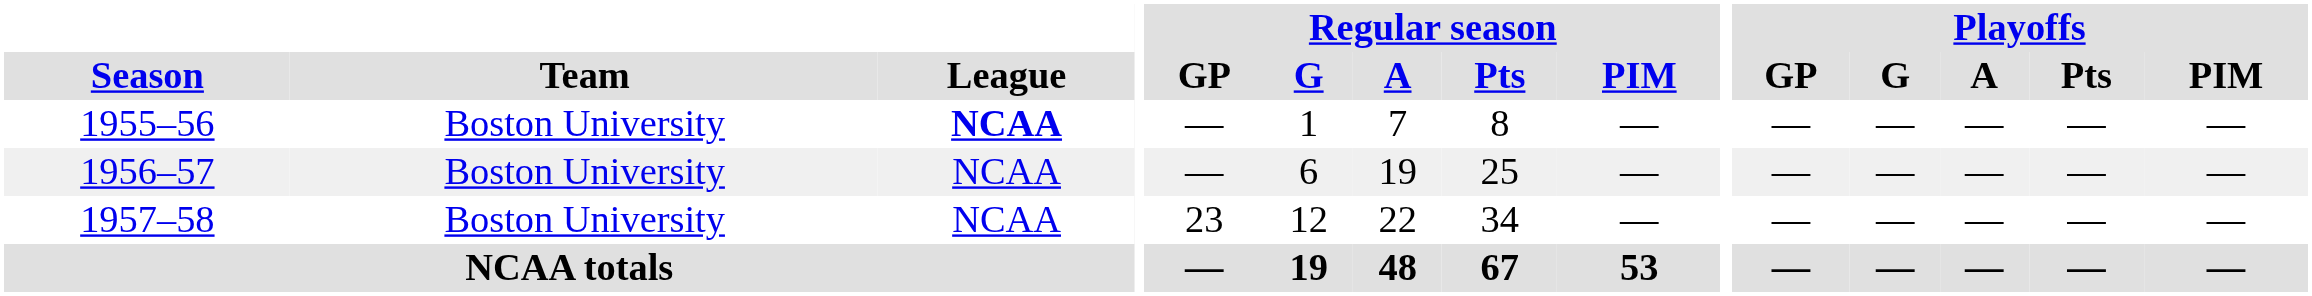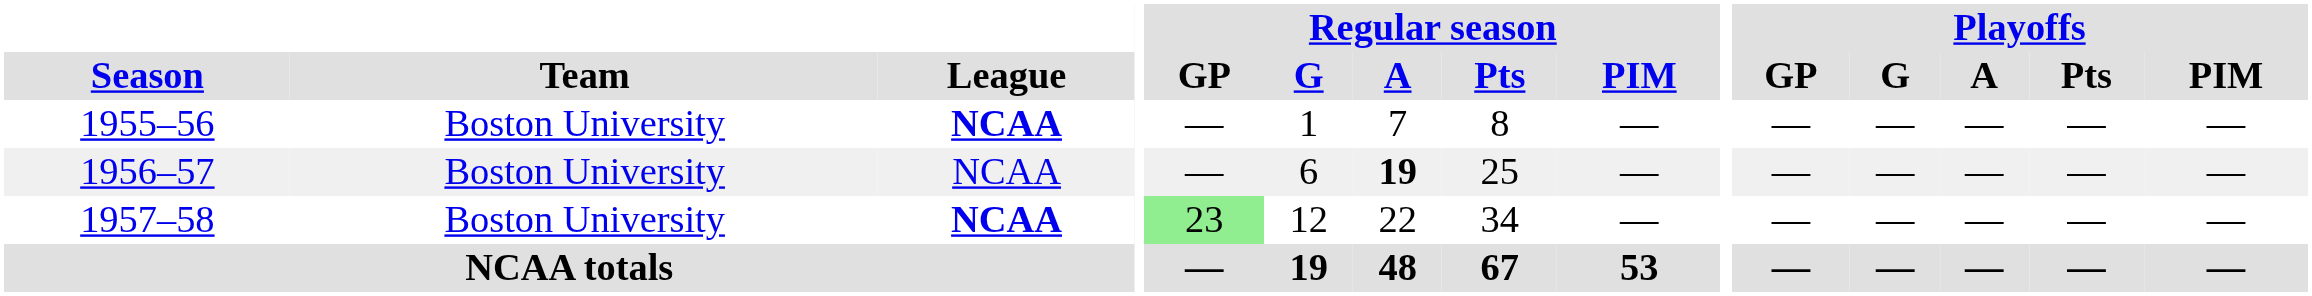 <table border="0" cellpadding="1" cellspacing="0" style="text-align:center; width:60em">
 <tr bgcolor="#e0e0e0">
 <th colspan="3" bgcolor="#ffffff"></th>
 <th rowspan="99" bgcolor="#ffffff"></th>
 <th colspan="5"><a href='#'>Regular season</a></th>
 <th rowspan="99" bgcolor="#ffffff"></th>
 <th colspan="5"><a href='#'>Playoffs</a></th>
 </tr>
 <tr bgcolor="#e0e0e0">
 <th><a href='#'>Season</a></th>
 <th>Team</th>
 <th>League</th>
 <th>GP</th>
 <th><a href='#'>G</a></th>
 <th><a href='#'>A</a></th>
 <th><a href='#'>Pts</a></th>
 <th><a href='#'>PIM</a></th>
 <th>GP</th>
 <th>G</th>
 <th>A</th>
 <th>Pts</th>
 <th>PIM</th>
 </tr>
 <tr>
 <td><a href='#'>1955–56</a></td>
 <td><a href='#'>Boston University</a></td>
 <td><strong><a href='#'>NCAA</a></strong></td>
 <td>—</td>
 <td>1</td>
 <td>7</td>
 <td>8</td>
 <td>—</td>
 <td>—</td>
 <td>—</td>
 <td>—</td>
 <td>—</td>
 <td>—</td>
 </tr>
 <tr bgcolor="f0f0f0">
 <td><a href='#'>1956–57</a></td>
 <td><a href='#'>Boston University</a></td>
 <td><a href='#'>NCAA</a></td>
 <td>—</td>
 <td>6</td>
-<td>19</td>
+<td><strong>19</strong></td>
 <td>25</td>
 <td>—</td>
 <td>—</td>
 <td>—</td>
 <td>—</td>
 <td>—</td>
 <td>—</td>
 </tr>
 <tr>
 <td><a href='#'>1957–58</a></td>
 <td><a href='#'>Boston University</a></td>
-<td><a href='#'>NCAA</a></td>
-<td>23</td>
+<td><strong><a href='#'>NCAA</a></strong></td>
+<td style="background: lightgreen;">23</td>
 <td>12</td>
 <td>22</td>
 <td>34</td>
 <td>—</td>
 <td>—</td>
 <td>—</td>
 <td>—</td>
 <td>—</td>
 <td>—</td>
 </tr>
 <tr bgcolor="#e0e0e0">
 <th colspan="3">NCAA totals</th>
 <th>—</th>
 <th>19</th>
 <th>48</th>
 <th>67</th>
 <th>53</th>
 <th>—</th>
 <th>—</th>
 <th>—</th>
 <th>—</th>
 <th>—</th>
 </tr>
 </table>
